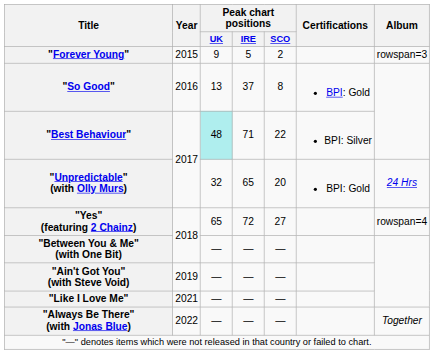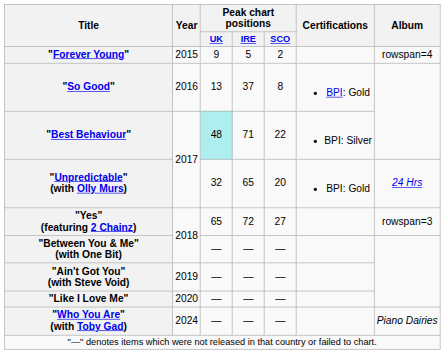 <table class="wikitable plainrowheaders" style="text-align:center;">
 <tr>
 <th scope="col" rowspan=2 style="width:16em;">Title</th>
 <th scope="col" rowspan=2 style="width:1em;">Year</th>
 <th scope="col" colspan=3>Peak chart positions</th>
 <th scope="col" rowspan=2>Certifications</th>
 <th scope="col" rowspan=2>Album</th>
 </tr>
 <tr>
 <th scope="col" style="width:3em;font-size:90%;"><a href='#'>UK</a><br></th>
 <th scope="col" style="width:3em;font-size:90%;"><a href='#'>IRE</a><br></th>
 <th scope="col" style="width:3em;font-size:90%;"><a href='#'>SCO</a><br></th>
 </tr>
 <tr>
 <th scope="row">"<a href='#'>Forever Young</a>"</th>
 <td>2015</td>
 <td>9</td>
 <td>5</td>
 <td>2</td>
 <td></td>
-<td>rowspan=3 </td>
+<td>rowspan=4 </td>
 </tr>
 <tr>
 <th scope="row">"<a href='#'>So Good</a>"</th>
 <td>2016</td>
 <td>13</td>
 <td>37</td>
 <td>8</td>
 <td><br><ul><li><a href='#'>BPI</a>: Gold</li></ul></td>
 </tr>
 <tr>
 <th scope="row">"<a href='#'>Best Behaviour</a>"</th>
 <td rowspan=2>2017</td>
 <td style="background: paleturquoise;">48</td>
 <td>71</td>
 <td>22</td>
 <td><br><ul><li>BPI: Silver</li></ul></td>
 </tr>
 <tr>
 <th scope="row">"<a href='#'>Unpredictable</a>"<br><span>(with <a href='#'>Olly Murs</a>)</span></th>
 <td>32</td>
 <td>65</td>
 <td>20</td>
 <td><br><ul><li>BPI: Gold</li></ul></td>
 <td><em><a href='#'>24 Hrs</a></em></td>
 </tr>
 <tr>
 <th scope="row">"Yes"<br><span>(featuring <a href='#'>2 Chainz</a>)</span></th>
 <td rowspan=2>2018</td>
 <td>65</td>
 <td>72</td>
 <td>27</td>
 <td></td>
-<td>rowspan=4 </td>
+<td>rowspan=3 </td>
 </tr>
 <tr>
 <th scope="row">"Between You & Me"<br><span>(with One Bit)</span></th>
 <td>—</td>
 <td>—</td>
 <td>—</td>
 <td></td>
 </tr>
 <tr>
 <th scope="row">"Ain't Got You"<br><span>(with Steve Void)</span></th>
 <td>2019</td>
 <td>—</td>
 <td>—</td>
 <td>—</td>
 <td></td>
 </tr>
 <tr>
 <th scope="row">"Like I Love Me"</th>
-<td>2021</td>
+<td>2020</td>
 <td>—</td>
 <td>—</td>
 <td>—</td>
 <td></td>
 </tr>
 <tr>
-<th scope="row">"Always Be There"<br><span>(with <a href='#'>Jonas Blue</a>)</span></th>
-<td>2022</td>
+<th scope="row">"<a href='#'>Who You Are</a>"<br><span>(with <a href='#'>Toby Gad</a>)</span></th>
+<td>2024</td>
 <td>—</td>
 <td>—</td>
 <td>—</td>
 <td></td>
-<td><em>Together</em></td>
+<td><em>Piano Dairies</em></td>
 </tr>
 <tr>
 <td colspan=7 style="font-size:90%;">"—" denotes items which were not released in that country or failed to chart.</td>
 </tr>
 </table>
